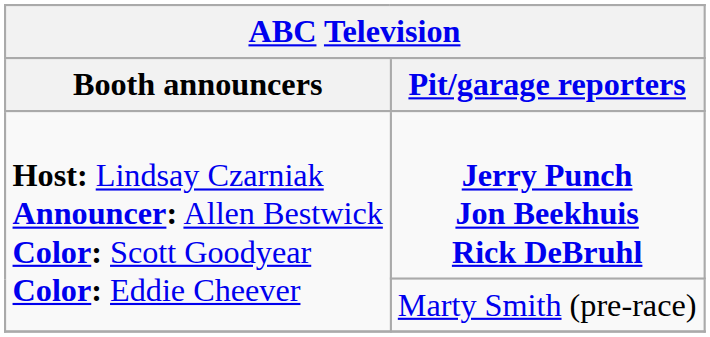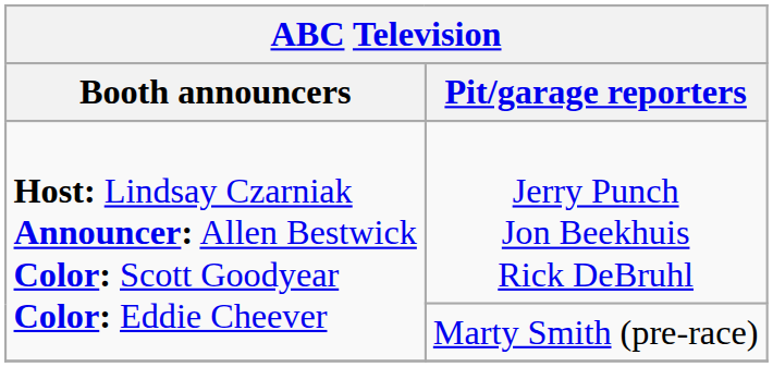 <table class="wikitable" style="font-size: 95%;">
 <tr>
 <th colspan=2><a href='#'>ABC</a> <a href='#'>Television</a></th>
 </tr>
 <tr>
 <th>Booth announcers</th>
 <th><a href='#'>Pit/garage reporters</a></th>
 </tr>
 <tr>
 <td valign="top" rowspan=2><br><strong>Host:</strong> <a href='#'>Lindsay Czarniak</a><br> <strong><a href='#'>Announcer</a>:</strong> <a href='#'>Allen Bestwick</a><br> <strong><a href='#'>Color</a>:</strong> <a href='#'>Scott Goodyear</a><br> <strong><a href='#'>Color</a>:</strong> <a href='#'>Eddie Cheever</a><br></td>
-<td align="center" valign="top"><strong><br><a href='#'>Jerry Punch</a><br><a href='#'>Jon Beekhuis</a><br><a href='#'>Rick DeBruhl</a><br></strong></td>
+<td align="center" valign="top"><br><a href='#'>Jerry Punch</a><br><a href='#'>Jon Beekhuis</a><br><a href='#'>Rick DeBruhl</a><br></td>
 </tr>
 <tr>
 <td align="center" valign="top"><a href='#'>Marty Smith</a> (pre-race)</td>
 </tr>
 <tr>
 </tr>
 </table>
